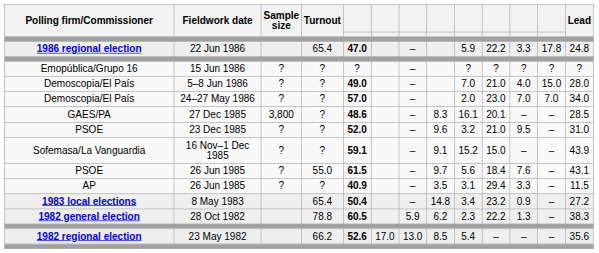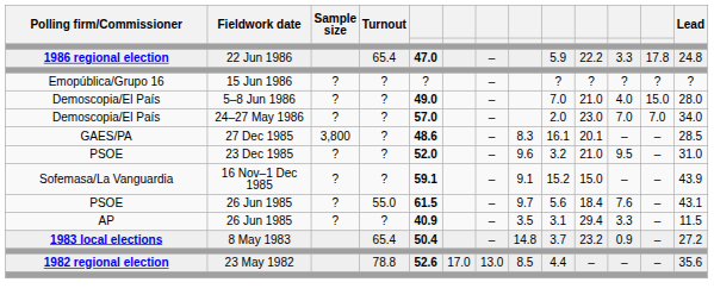 <table class="wikitable collapsible collapsed" style="text-align:center; font-size:95%; line-height:16px;">
 <tr style="height:42px;">
 <th style="width:250px;" rowspan="2">Polling firm/Commissioner</th>
 <th style="width:125px;" rowspan="2">Fieldwork date</th>
 <th style="width:50px;" rowspan="2">Sample size</th>
 <th style="width:45px;" rowspan="2">Turnout</th>
 <th style="width:35px;"></th>
 <th style="width:35px;"></th>
 <th style="width:35px;"></th>
 <th style="width:35px;"></th>
 <th style="width:35px;"></th>
 <th style="width:35px;"></th>
 <th style="width:35px;"></th>
 <th style="width:35px;"></th>
 <th style="width:30px;" rowspan="2">Lead</th>
 </tr>
 <tr>
 <th style="color:inherit;background:"></th>
 <th style="color:inherit;background:"></th>
 <th style="color:inherit;background:"></th>
 <th style="color:inherit;background:"></th>
 <th style="color:inherit;background:"></th>
 <th style="color:inherit;background:"></th>
 <th style="color:inherit;background:"></th>
 <th style="color:inherit;background:"></th>
 </tr>
 <tr>
 <td colspan="13" style="background:#A0A0A0"></td>
 </tr>
 <tr style="background:#EFEFEF;">
 <td><strong><a href='#'>1986 regional election</a></strong></td>
 <td>22 Jun 1986</td>
 <td></td>
 <td>65.4</td>
 <td><strong>47.0</strong><br></td>
 <td></td>
 <td>–</td>
 <td></td>
 <td>5.9<br></td>
 <td>22.2<br></td>
 <td>3.3<br></td>
 <td>17.8<br></td>
 <td style="background:">24.8</td>
 </tr>
 <tr>
 <td colspan="13" style="background:#A0A0A0"></td>
 </tr>
 <tr>
 <td>Emopública/Grupo 16</td>
 <td>15 Jun 1986</td>
 <td>?</td>
 <td>?</td>
 <td>?<br></td>
 <td></td>
 <td>–</td>
 <td></td>
 <td>?<br></td>
 <td>?<br></td>
 <td>?<br></td>
 <td>?<br></td>
 <td style="background:">?</td>
 </tr>
 <tr>
 <td>Demoscopia/El País</td>
 <td>5–8 Jun 1986</td>
 <td>?</td>
 <td>?</td>
 <td><strong>49.0</strong><br></td>
 <td></td>
 <td>–</td>
 <td></td>
 <td>7.0<br></td>
 <td>21.0<br></td>
 <td>4.0<br></td>
 <td>15.0<br></td>
 <td style="background:">28.0</td>
 </tr>
 <tr>
 <td>Demoscopia/El País</td>
 <td>24–27 May 1986</td>
 <td>?</td>
 <td>?</td>
 <td><strong>57.0</strong><br></td>
 <td></td>
 <td>–</td>
 <td></td>
 <td>2.0<br></td>
 <td>23.0<br></td>
 <td>7.0<br></td>
 <td>7.0<br></td>
 <td style="background:">34.0</td>
 </tr>
 <tr>
 <td>GAES/PA</td>
 <td>27 Dec 1985</td>
 <td>3,800</td>
 <td>?</td>
 <td><strong>48.6</strong></td>
 <td></td>
 <td>–</td>
 <td>8.3</td>
 <td>16.1</td>
 <td>20.1</td>
 <td>–</td>
 <td>–</td>
 <td style="background:">28.5</td>
 </tr>
 <tr>
 <td>PSOE</td>
 <td>23 Dec 1985</td>
 <td>?</td>
 <td>?</td>
 <td><strong>52.0</strong></td>
 <td></td>
 <td>–</td>
 <td>9.6</td>
 <td>3.2</td>
 <td>21.0</td>
 <td>9.5</td>
 <td>–</td>
 <td style="background:">31.0</td>
 </tr>
 <tr>
 <td>Sofemasa/La Vanguardia</td>
 <td>16 Nov–1 Dec 1985</td>
 <td>?</td>
 <td>?</td>
 <td><strong>59.1</strong></td>
 <td></td>
 <td>–</td>
 <td>9.1</td>
 <td>15.2</td>
 <td>15.0</td>
 <td>–</td>
 <td>–</td>
 <td style="background:">43.9</td>
 </tr>
 <tr>
 <td>PSOE</td>
 <td>26 Jun 1985</td>
 <td>?</td>
 <td>55.0</td>
 <td><strong>61.5</strong></td>
 <td></td>
 <td>–</td>
 <td>9.7</td>
 <td>5.6</td>
 <td>18.4</td>
 <td>7.6</td>
 <td>–</td>
 <td style="background:">43.1</td>
 </tr>
 <tr>
 <td>AP</td>
 <td>26 Jun 1985</td>
 <td>?</td>
 <td>?</td>
 <td><strong>40.9</strong></td>
 <td></td>
 <td>–</td>
 <td>3.5</td>
 <td>3.1</td>
 <td>29.4</td>
 <td>3.3</td>
 <td>–</td>
 <td style="background:">11.5</td>
 </tr>
 <tr style="background:#EFEFEF;">
 <td><strong><a href='#'>1983 local elections</a></strong></td>
 <td>8 May 1983</td>
 <td></td>
 <td>65.4</td>
 <td><strong>50.4</strong></td>
 <td></td>
 <td>–</td>
 <td>14.8</td>
-<td>3.4</td>
+<td>3.7</td>
 <td>23.2</td>
 <td>0.9</td>
 <td>–</td>
 <td style="background:">27.2</td>
-</tr>
-<tr style="background:#EFEFEF;">
-<td><strong><a href='#'>1982 general election</a></strong></td>
-<td>28 Oct 1982</td>
-<td></td>
-<td>78.8</td>
-<td><strong>60.5</strong><br></td>
-<td></td>
-<td>5.9<br></td>
-<td>6.2<br></td>
-<td>2.3<br></td>
-<td>22.2<br></td>
-<td>1.3<br></td>
-<td>–</td>
-<td style="background:">38.3</td>
 </tr>
 <tr>
 <td colspan="13" style="background:#A0A0A0"></td>
 </tr>
 <tr style="background:#EFEFEF;">
 <td><strong><a href='#'>1982 regional election</a></strong></td>
 <td>23 May 1982</td>
 <td></td>
-<td>66.2</td>
+<td>78.8</td>
 <td><strong>52.6</strong><br></td>
 <td>17.0<br></td>
 <td>13.0<br></td>
 <td>8.5<br></td>
-<td>5.4<br></td>
+<td>4.4<br></td>
 <td>–</td>
 <td>–</td>
 <td>–</td>
 <td style="background:">35.6</td>
 </tr>
 <tr>
 <td colspan="13" style="background:#A0A0A0"></td>
 </tr>
 </table>
